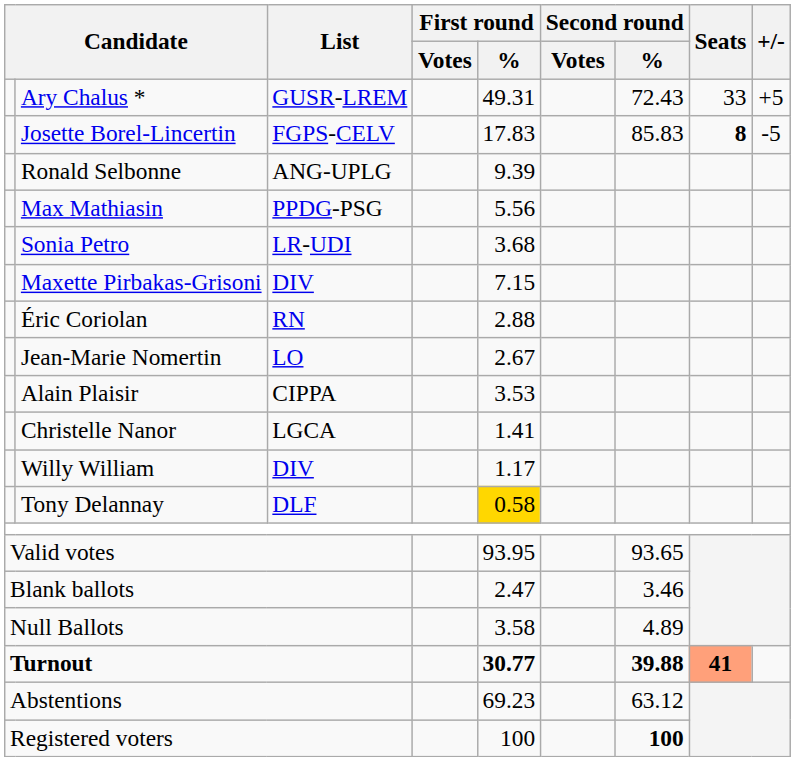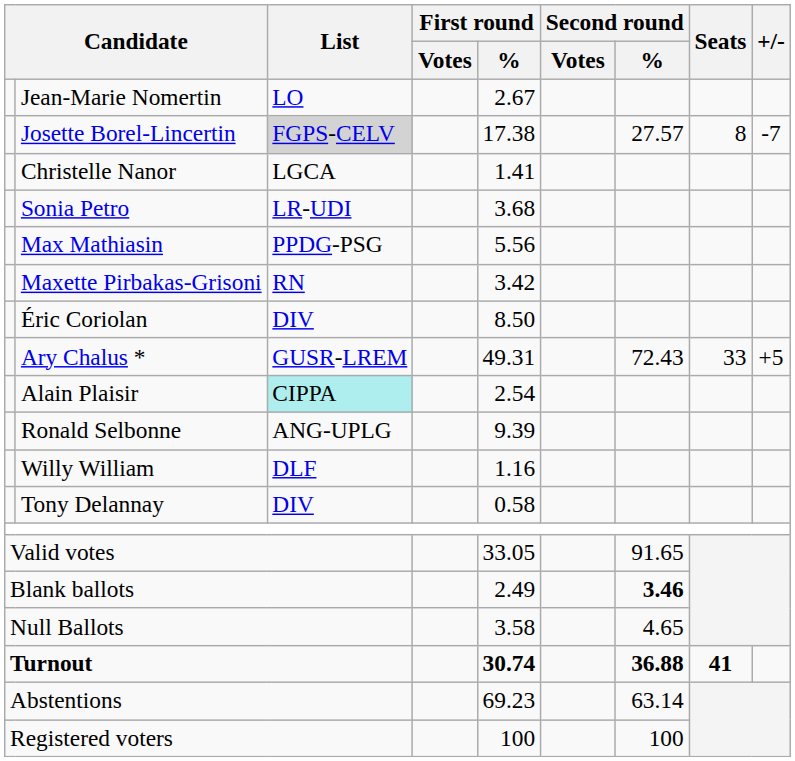 <table class="wikitable centre" style="text-align:right;">
 <tr>
 <th rowspan=2 colspan=2 scope=col>Candidate</th>
 <th rowspan=2 scope=col>List</th>
 <th colspan=2 scope=col>First round</th>
 <th colspan=2 scope=col>Second round</th>
 <th rowspan=2 scope=col>Seats</th>
 <th rowspan=2 scope=col>+/-</th>
 </tr>
 <tr>
 <th scope=col>Votes</th>
 <th scope=col>%</th>
 <th scope=col>Votes</th>
 <th scope=col>%</th>
 </tr>
 <tr>
 <td style="color:inherit;background:"></td>
-<td align="left"><a href='#'>Ary Chalus</a> *</td>
-<td align="left"><a href='#'>GUSR</a>-<a href='#'>LREM</a></td>
+<td align="left">Jean-Marie Nomertin</td>
+<td align="left"><a href='#'>LO</a></td>
 <td></td>
-<td>49.31</td>
+<td>2.67</td>
 <td></td>
-<td>72.43</td>
-<td>33</td>
-<td align="center">+5</td>
+<td></td>
+<td></td>
+<td align="center"></td>
 </tr>
 <tr>
 <td style="color:inherit;background:"></td>
 <td align="left"><a href='#'>Josette Borel-Lincertin</a></td>
-<td align="left"><a href='#'>FGPS</a>-<a href='#'>CELV</a></td>
+<td align="left" style="background: lightgrey;"><a href='#'>FGPS</a>-<a href='#'>CELV</a></td>
 <td></td>
-<td>17.83</td>
+<td>17.38</td>
 <td></td>
-<td>85.83</td>
-<td><strong>8</strong></td>
-<td align="center">-5</td>
+<td>27.57</td>
+<td>8</td>
+<td align="center">-7</td>
 </tr>
 <tr>
 <td style="color:inherit;background:"></td>
-<td align="left">Ronald Selbonne</td>
-<td align="left">ANG-UPLG</td>
+<td align="left">Christelle Nanor</td>
+<td align="left">LGCA</td>
 <td></td>
-<td>9.39</td>
+<td>1.41</td>
+<td></td>
+<td></td>
+<td></td>
+<td align="center"></td>
+</tr>
+<tr>
+<td style="color:inherit;background:"></td>
+<td align="left"><a href='#'>Sonia Petro</a></td>
+<td align="left"><a href='#'>LR</a>-<a href='#'>UDI</a></td>
+<td></td>
+<td>3.68</td>
 <td></td>
 <td></td>
 <td></td>
 <td align="center"></td>
 </tr>
 <tr>
 <td style="color:inherit;background:"></td>
 <td align="left"><a href='#'>Max Mathiasin</a></td>
 <td align="left"><a href='#'>PPDG</a>-PSG</td>
 <td></td>
 <td>5.56</td>
 <td></td>
 <td></td>
 <td></td>
 <td align="center"></td>
 </tr>
 <tr>
 <td style="color:inherit;background:"></td>
-<td align="left"><a href='#'>Sonia Petro</a></td>
-<td align="left"><a href='#'>LR</a>-<a href='#'>UDI</a></td>
+<td align="left"><a href='#'>Maxette Pirbakas-Grisoni</a></td>
+<td align="left"><a href='#'>RN</a></td>
 <td></td>
-<td>3.68</td>
-<td></td>
-<td></td>
-<td></td>
-<td align="center"></td>
-</tr>
-<tr>
-<td style="color:inherit;background:"></td>
-<td align="left"><a href='#'>Maxette Pirbakas-Grisoni</a></td>
-<td align="left"><a href='#'>DIV</a></td>
-<td></td>
-<td>7.15</td>
+<td>3.42</td>
 <td></td>
 <td></td>
 <td></td>
 <td align="center"></td>
 </tr>
 <tr>
 <td style="color:inherit;background:"></td>
 <td align="left">Éric Coriolan</td>
-<td align="left"><a href='#'>RN</a></td>
+<td align="left"><a href='#'>DIV</a></td>
 <td></td>
-<td>2.88</td>
+<td>8.50</td>
 <td></td>
 <td></td>
 <td></td>
 <td align="center"></td>
 </tr>
 <tr>
 <td style="color:inherit;background:"></td>
-<td align="left">Jean-Marie Nomertin</td>
-<td align="left"><a href='#'>LO</a></td>
+<td align="left"><a href='#'>Ary Chalus</a> *</td>
+<td align="left"><a href='#'>GUSR</a>-<a href='#'>LREM</a></td>
 <td></td>
-<td>2.67</td>
+<td>49.31</td>
+<td></td>
+<td>72.43</td>
+<td>33</td>
+<td align="center">+5</td>
+</tr>
+<tr>
+<td style="color:inherit;background:"></td>
+<td align="left">Alain Plaisir</td>
+<td align="left" style="background: paleturquoise;">CIPPA</td>
+<td></td>
+<td>2.54</td>
 <td></td>
 <td></td>
 <td></td>
 <td align="center"></td>
 </tr>
 <tr>
 <td style="color:inherit;background:"></td>
-<td align="left">Alain Plaisir</td>
-<td align="left">CIPPA</td>
+<td align="left">Ronald Selbonne</td>
+<td align="left">ANG-UPLG</td>
 <td></td>
-<td>3.53</td>
-<td></td>
-<td></td>
-<td></td>
-<td align="center"></td>
-</tr>
-<tr>
-<td style="color:inherit;background:"></td>
-<td align="left">Christelle Nanor</td>
-<td align="left">LGCA</td>
-<td></td>
-<td>1.41</td>
+<td>9.39</td>
 <td></td>
 <td></td>
 <td></td>
 <td align="center"></td>
 </tr>
 <tr>
 <td style="color:inherit;background:"></td>
 <td align="left">Willy William</td>
-<td align="left"><a href='#'>DIV</a></td>
+<td align="left"><a href='#'>DLF</a></td>
 <td></td>
-<td>1.17</td>
+<td>1.16</td>
 <td></td>
 <td></td>
 <td></td>
 <td align="center"></td>
 </tr>
 <tr>
 <td style="color:inherit;background:"></td>
 <td align="left">Tony Delannay</td>
-<td align="left"><a href='#'>DLF</a></td>
+<td align="left"><a href='#'>DIV</a></td>
 <td></td>
-<td style="background: gold;">0.58</td>
+<td>0.58</td>
 <td></td>
 <td></td>
 <td></td>
 <td align="center"></td>
 </tr>
 <tr style="background:white;">
 <td colspan=9></td>
 </tr>
 <tr>
 <td colspan=3 style="text-align:left;">Valid votes</td>
 <td></td>
-<td>93.95</td>
+<td>33.05</td>
 <td></td>
-<td>93.65</td>
+<td>91.65</td>
 <td colspan="2" rowspan="3" bgcolor=#F4F4F4></td>
 </tr>
 <tr>
 <td colspan=3 style="text-align:left;">Blank ballots</td>
 <td></td>
-<td>2.47</td>
+<td>2.49</td>
 <td></td>
-<td>3.46</td>
+<td><strong>3.46</strong></td>
 </tr>
 <tr>
 <td colspan=3 style="text-align:left;">Null Ballots</td>
 <td></td>
 <td>3.58</td>
 <td></td>
-<td>4.89</td>
+<td>4.65</td>
 </tr>
 <tr style="font-weight:bold;">
 <td colspan=3 style="text-align:left;">Turnout</td>
 <td></td>
-<td>30.77</td>
+<td>30.74</td>
 <td></td>
-<td>39.88</td>
-<td align=center style="background: lightsalmon;">41</td>
+<td>36.88</td>
+<td align=center>41</td>
 <td align=center></td>
 </tr>
 <tr>
 <td colspan=3 style="text-align:left;">Abstentions</td>
 <td></td>
 <td>69.23</td>
 <td></td>
-<td>63.12</td>
+<td>63.14</td>
 <td colspan="2" rowspan="2" bgcolor=#F4F4F4></td>
 </tr>
 <tr>
 <td colspan=3 style="text-align:left;">Registered voters</td>
 <td></td>
 <td>100</td>
 <td></td>
-<td><strong>100</strong></td>
+<td>100</td>
 </tr>
 </table>
